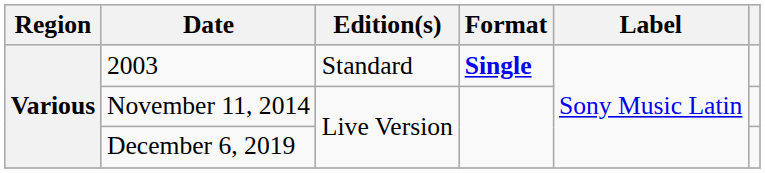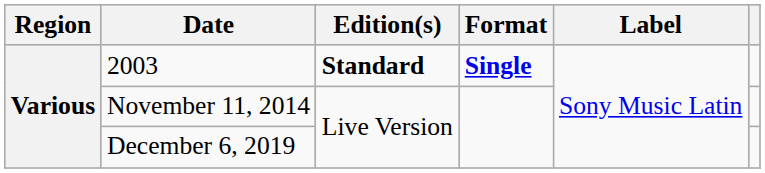 <table class="wikitable plainrowheaders">
 <tr>
 <th scope="col">Region</th>
 <th scope="col">Date</th>
 <th scope="col">Edition(s)</th>
 <th scope="col">Format</th>
 <th scope="col">Label</th>
 <th scope="col"></th>
 </tr>
 <tr>
 <th rowspan="3" scope="row">Various</th>
 <td>2003</td>
-<td>Standard</td>
+<td><strong>Standard</strong></td>
 <td><strong><a href='#'>Single</a></strong></td>
 <td rowspan="3"><a href='#'>Sony Music Latin</a></td>
 <td></td>
 </tr>
 <tr>
 <td>November 11, 2014</td>
 <td rowspan="2">Live Version</td>
 <td rowspan="2"></td>
 <td></td>
 </tr>
 <tr>
 <td>December 6, 2019</td>
 <td></td>
 </tr>
 </table>
